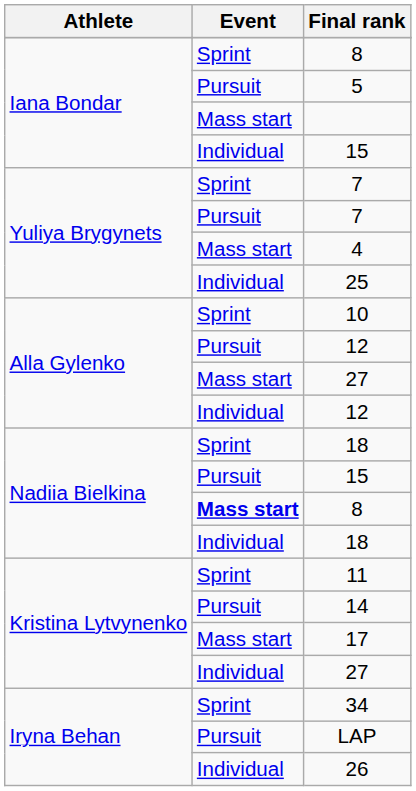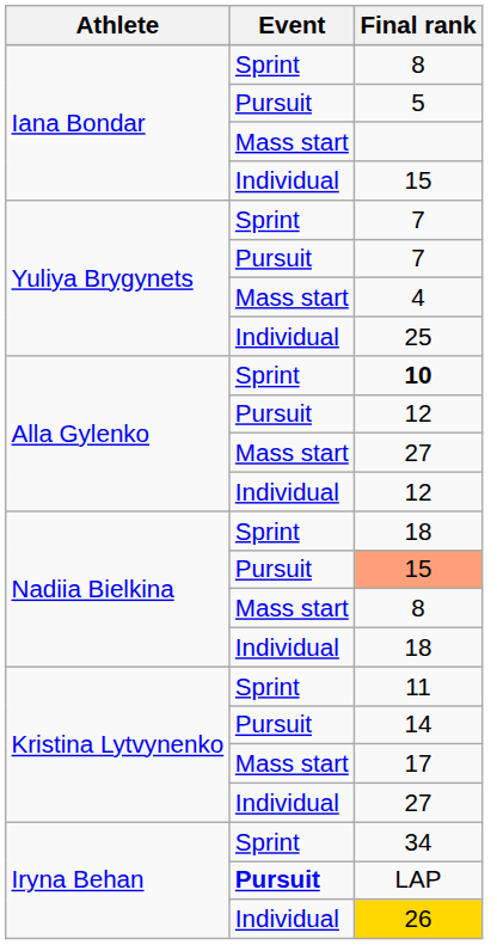 <table class="wikitable" style="font-size:90%">
 <tr>
 <th>Athlete</th>
 <th>Event</th>
 <th>Final rank</th>
 </tr>
 <tr style="font-size:95%">
 </tr>
 <tr align=center>
 <td align=left rowspan=4><a href='#'>Iana Bondar</a></td>
 <td align=left><a href='#'>Sprint</a></td>
 <td>8</td>
 </tr>
 <tr align=center>
 <td align=left><a href='#'>Pursuit</a></td>
 <td>5</td>
 </tr>
 <tr align=center>
 <td align=left><a href='#'>Mass start</a></td>
 <td></td>
 </tr>
 <tr align=center>
 <td align=left><a href='#'>Individual</a></td>
 <td>15</td>
 </tr>
 <tr align=center>
 <td align=left rowspan=4><a href='#'>Yuliya Brygynets</a></td>
 <td align=left><a href='#'>Sprint</a></td>
 <td>7</td>
 </tr>
 <tr align=center>
 <td align=left><a href='#'>Pursuit</a></td>
 <td>7</td>
 </tr>
 <tr align=center>
 <td align=left><a href='#'>Mass start</a></td>
 <td>4</td>
 </tr>
 <tr align=center>
 <td align=left><a href='#'>Individual</a></td>
 <td>25</td>
 </tr>
 <tr align=center>
 <td align=left rowspan=4><a href='#'>Alla Gylenko</a></td>
 <td align=left><a href='#'>Sprint</a></td>
-<td>10</td>
+<td><strong>10</strong></td>
 </tr>
 <tr align=center>
 <td align=left><a href='#'>Pursuit</a></td>
 <td>12</td>
 </tr>
 <tr align=center>
 <td align=left><a href='#'>Mass start</a></td>
 <td>27</td>
 </tr>
 <tr align=center>
 <td align=left><a href='#'>Individual</a></td>
 <td>12</td>
 </tr>
 <tr align=center>
 <td align=left rowspan=4><a href='#'>Nadiia Bielkina</a></td>
 <td align=left><a href='#'>Sprint</a></td>
 <td>18</td>
 </tr>
 <tr align=center>
 <td align=left><a href='#'>Pursuit</a></td>
-<td>15</td>
+<td style="background: lightsalmon;">15</td>
 </tr>
 <tr align=center>
-<td align=left><strong><a href='#'>Mass start</a></strong></td>
+<td align=left><a href='#'>Mass start</a></td>
 <td>8</td>
 </tr>
 <tr align=center>
 <td align=left><a href='#'>Individual</a></td>
 <td>18</td>
 </tr>
 <tr align=center>
 <td align=left rowspan=4><a href='#'>Kristina Lytvynenko</a></td>
 <td align=left><a href='#'>Sprint</a></td>
 <td>11</td>
 </tr>
 <tr align=center>
 <td align=left><a href='#'>Pursuit</a></td>
 <td>14</td>
 </tr>
 <tr align=center>
 <td align=left><a href='#'>Mass start</a></td>
 <td>17</td>
 </tr>
 <tr align=center>
 <td align=left><a href='#'>Individual</a></td>
 <td>27</td>
 </tr>
 <tr align=center>
 <td align=left rowspan=3><a href='#'>Iryna Behan</a></td>
 <td align=left><a href='#'>Sprint</a></td>
 <td>34</td>
 </tr>
 <tr align=center>
-<td align=left><a href='#'>Pursuit</a></td>
+<td align=left><strong><a href='#'>Pursuit</a></strong></td>
 <td>LAP</td>
 </tr>
 <tr align=center>
 <td align=left><a href='#'>Individual</a></td>
-<td>26</td>
+<td style="background: gold;">26</td>
 </tr>
 </table>
